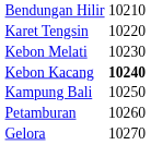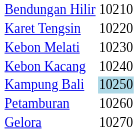 <table>
 <tr>
 <td><a href='#'>Bendungan Hilir</a></td>
 <td>10210</td>
 </tr>
 <tr>
 <td><a href='#'>Karet Tengsin</a></td>
 <td>10220</td>
 </tr>
 <tr>
 <td><a href='#'>Kebon Melati</a></td>
 <td>10230</td>
 </tr>
 <tr>
 <td><a href='#'>Kebon Kacang</a></td>
-<td><strong>10240</strong></td>
+<td>10240</td>
 </tr>
 <tr>
 <td><a href='#'>Kampung Bali</a></td>
-<td>10250</td>
+<td style="background: lightblue;">10250</td>
 </tr>
 <tr>
 <td><a href='#'>Petamburan</a></td>
 <td>10260</td>
 </tr>
 <tr>
 <td><a href='#'>Gelora</a></td>
 <td>10270</td>
 </tr>
 </table>
